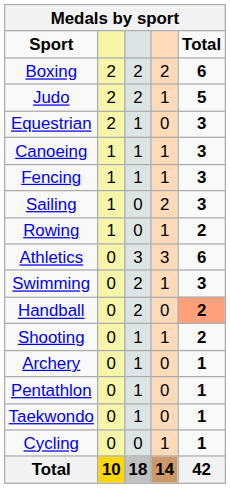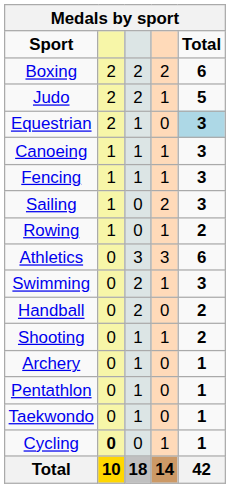 <table class="wikitable" style="font-size:85%; text-align:center;">
 <tr style="background:#efefef;">
 <th colspan=5>Medals by sport</th>
 </tr>
 <tr>
 <td><strong>Sport</strong></td>
 <td style="background:#f7f6a8;"></td>
 <td style="background:#dce5e5;"></td>
 <td style="background:#ffdab9;"></td>
 <td><strong>Total</strong></td>
 </tr>
 <tr>
 <td><a href='#'>Boxing</a></td>
 <td style="background:#F7F6A8;">2</td>
 <td style="background:#DCE5E5;">2</td>
 <td style="background:#FFDAB9;">2</td>
 <td><strong>6</strong></td>
 </tr>
 <tr>
 <td><a href='#'>Judo</a></td>
 <td style="background:#F7F6A8;">2</td>
 <td style="background:#DCE5E5;">2</td>
 <td style="background:#FFDAB9;">1</td>
 <td><strong>5</strong></td>
 </tr>
 <tr>
 <td><a href='#'>Equestrian</a></td>
 <td style="background:#F7F6A8;">2</td>
 <td style="background:#DCE5E5;">1</td>
 <td style="background:#FFDAB9;">0</td>
-<td><strong>3</strong></td>
+<td style="background: lightblue;"><strong>3</strong></td>
 </tr>
 <tr>
 <td><a href='#'>Canoeing</a></td>
 <td style="background:#F7F6A8;">1</td>
 <td style="background:#DCE5E5;">1</td>
 <td style="background:#FFDAB9;">1</td>
 <td><strong>3</strong></td>
 </tr>
 <tr>
 <td><a href='#'>Fencing</a></td>
 <td style="background:#F7F6A8;">1</td>
 <td style="background:#DCE5E5;">1</td>
 <td style="background:#FFDAB9;">1</td>
 <td><strong>3</strong></td>
 </tr>
 <tr>
 <td><a href='#'>Sailing</a></td>
 <td style="background:#F7F6A8;">1</td>
 <td style="background:#DCE5E5;">0</td>
 <td style="background:#FFDAB9;">2</td>
 <td><strong>3</strong></td>
 </tr>
 <tr>
 <td><a href='#'>Rowing</a></td>
 <td style="background:#F7F6A8;">1</td>
 <td style="background:#DCE5E5;">0</td>
 <td style="background:#FFDAB9;">1</td>
 <td><strong>2</strong></td>
 </tr>
 <tr>
 <td><a href='#'>Athletics</a></td>
 <td style="background:#F7F6A8;">0</td>
 <td style="background:#DCE5E5;">3</td>
 <td style="background:#FFDAB9;">3</td>
 <td><strong>6</strong></td>
 </tr>
 <tr>
 <td><a href='#'>Swimming</a></td>
 <td style="background:#F7F6A8;">0</td>
 <td style="background:#DCE5E5;">2</td>
 <td style="background:#FFDAB9;">1</td>
 <td><strong>3</strong></td>
 </tr>
 <tr>
 <td><a href='#'>Handball</a></td>
 <td style="background:#F7F6A8;">0</td>
 <td style="background:#DCE5E5;">2</td>
 <td style="background:#FFDAB9;">0</td>
-<td style="background: lightsalmon;"><strong>2</strong></td>
+<td><strong>2</strong></td>
 </tr>
 <tr>
 <td><a href='#'>Shooting</a></td>
 <td style="background:#F7F6A8;">0</td>
 <td style="background:#DCE5E5;">1</td>
 <td style="background:#FFDAB9;">1</td>
 <td><strong>2</strong></td>
 </tr>
 <tr>
 <td><a href='#'>Archery</a></td>
 <td style="background:#F7F6A8;">0</td>
 <td style="background:#DCE5E5;">1</td>
 <td style="background:#FFDAB9;">0</td>
 <td><strong>1</strong></td>
 </tr>
 <tr>
 <td><a href='#'>Pentathlon</a></td>
 <td style="background:#F7F6A8;">0</td>
 <td style="background:#DCE5E5;">1</td>
 <td style="background:#FFDAB9;">0</td>
 <td><strong>1</strong></td>
 </tr>
 <tr>
 <td><a href='#'>Taekwondo</a></td>
 <td style="background:#F7F6A8;">0</td>
 <td style="background:#DCE5E5;">1</td>
 <td style="background:#FFDAB9;">0</td>
 <td><strong>1</strong></td>
 </tr>
 <tr>
 <td><a href='#'>Cycling</a></td>
-<td style="background:#F7F6A8;">0</td>
+<td style="background:#F7F6A8;"><strong>0</strong></td>
 <td style="background:#DCE5E5;">0</td>
 <td style="background:#FFDAB9;">1</td>
 <td><strong>1</strong></td>
 </tr>
 <tr>
 <th>Total</th>
 <th style="background:gold;">10</th>
 <th style="background:silver;">18</th>
 <th style="background:#c96;">14</th>
 <th>42</th>
 </tr>
 </table>
